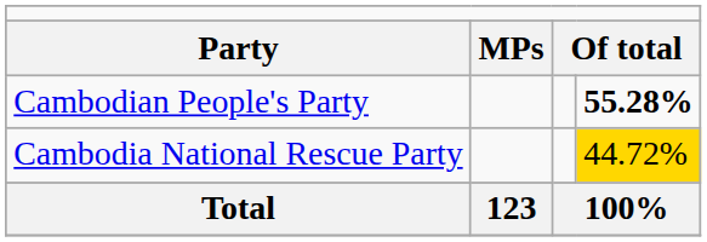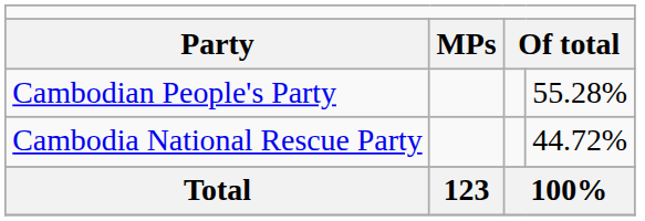 <table class=wikitable>
 <tr>
 <td colspan=9></td>
 </tr>
 <tr>
 <th>Party</th>
 <th>MPs</th>
 <th colspan=2>Of total</th>
 </tr>
 <tr>
 <td><a href='#'>Cambodian People's Party</a></td>
 <td></td>
 <td><div><div>  </div></div></td>
-<td><strong>55.28%</strong></td>
+<td>55.28%</td>
 </tr>
 <tr>
 <td><a href='#'>Cambodia National Rescue Party</a></td>
 <td></td>
 <td><div><div>  </div></div></td>
-<td style="background: gold;">44.72%</td>
+<td>44.72%</td>
 </tr>
 <tr>
 <th colspan="1"><strong>Total</strong></th>
 <th colspan="1"><strong>123</strong></th>
 <th colspan="2"><strong>100%</strong></th>
 </tr>
 <tr>
 </tr>
 </table>
